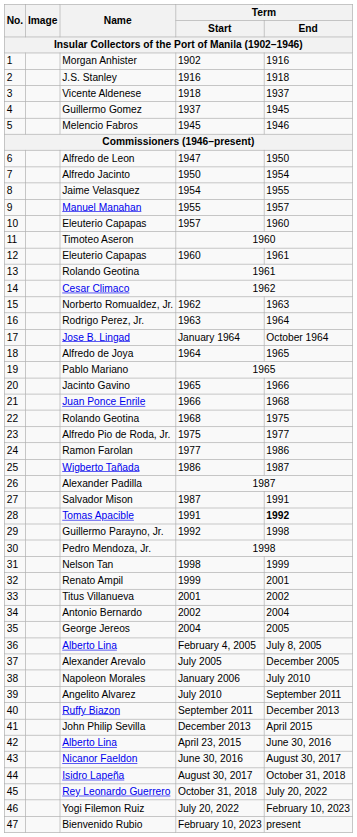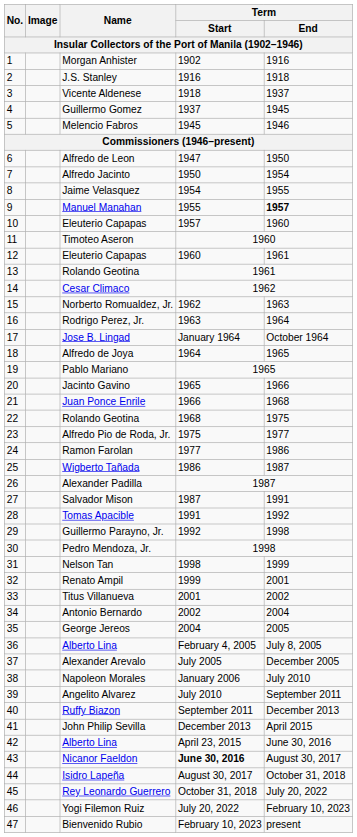 <table class="wikitable">
 <tr>
 <th rowspan=2>No.</th>
 <th rowspan=2>Image</th>
 <th rowspan=2>Name</th>
 <th colspan=2>Term</th>
 </tr>
 <tr>
 <th>Start</th>
 <th>End</th>
 </tr>
 <tr>
 <th colspan=5>Insular Collectors of the Port of Manila (1902–1946)</th>
 </tr>
 <tr>
 <td>1</td>
 <td></td>
 <td>Morgan Anhister</td>
 <td>1902</td>
 <td>1916</td>
 </tr>
 <tr>
 <td>2</td>
 <td></td>
 <td>J.S. Stanley</td>
 <td>1916</td>
 <td>1918</td>
 </tr>
 <tr>
 <td>3</td>
 <td></td>
 <td>Vicente Aldenese</td>
 <td>1918</td>
 <td>1937</td>
 </tr>
 <tr>
 <td>4</td>
 <td></td>
 <td>Guillermo Gomez</td>
 <td>1937</td>
 <td>1945</td>
 </tr>
 <tr>
 <td>5</td>
 <td></td>
 <td>Melencio Fabros</td>
 <td>1945</td>
 <td>1946</td>
 </tr>
 <tr>
 <th colspan=5>Commissioners (1946–present)</th>
 </tr>
 <tr>
 <td>6</td>
 <td></td>
 <td>Alfredo de Leon</td>
 <td>1947</td>
 <td>1950</td>
 </tr>
 <tr>
 <td>7</td>
 <td></td>
 <td>Alfredo Jacinto</td>
 <td>1950</td>
 <td>1954</td>
 </tr>
 <tr>
 <td>8</td>
 <td></td>
 <td>Jaime Velasquez</td>
 <td>1954</td>
 <td>1955</td>
 </tr>
 <tr>
 <td>9</td>
 <td></td>
 <td><a href='#'>Manuel Manahan</a></td>
 <td>1955</td>
-<td>1957</td>
+<td><strong>1957</strong></td>
 </tr>
 <tr>
 <td>10</td>
 <td></td>
 <td>Eleuterio Capapas</td>
 <td>1957</td>
 <td>1960</td>
 </tr>
 <tr>
 <td>11</td>
 <td></td>
 <td>Timoteo Aseron</td>
 <td colspan=2 align=center>1960</td>
 </tr>
 <tr>
 <td>12</td>
 <td></td>
 <td>Eleuterio Capapas</td>
 <td>1960</td>
 <td>1961</td>
 </tr>
 <tr>
 <td>13</td>
 <td></td>
 <td>Rolando Geotina</td>
 <td colspan=2 align=center>1961</td>
 </tr>
 <tr>
 <td>14</td>
 <td></td>
 <td><a href='#'>Cesar Climaco</a></td>
 <td colspan=2 align=center>1962</td>
 </tr>
 <tr>
 <td>15</td>
 <td></td>
 <td>Norberto Romualdez, Jr.</td>
 <td>1962</td>
 <td>1963</td>
 </tr>
 <tr>
 <td>16</td>
 <td></td>
 <td>Rodrigo Perez, Jr.</td>
 <td>1963</td>
 <td>1964</td>
 </tr>
 <tr>
 <td>17</td>
 <td></td>
 <td><a href='#'>Jose B. Lingad</a></td>
 <td>January 1964</td>
 <td>October 1964</td>
 </tr>
 <tr>
 <td>18</td>
 <td></td>
 <td>Alfredo de Joya</td>
 <td>1964</td>
 <td>1965</td>
 </tr>
 <tr>
 <td>19</td>
 <td></td>
 <td>Pablo Mariano</td>
 <td colspan=2 align=center>1965</td>
 </tr>
 <tr>
 <td>20</td>
 <td></td>
 <td>Jacinto Gavino</td>
 <td>1965</td>
 <td>1966</td>
 </tr>
 <tr>
 <td>21</td>
 <td></td>
 <td><a href='#'>Juan Ponce Enrile</a></td>
 <td>1966</td>
 <td>1968</td>
 </tr>
 <tr>
 <td>22</td>
 <td></td>
 <td>Rolando Geotina</td>
 <td>1968</td>
 <td>1975</td>
 </tr>
 <tr>
 <td>23</td>
 <td></td>
 <td>Alfredo Pio de Roda, Jr.</td>
 <td>1975</td>
 <td>1977</td>
 </tr>
 <tr>
 <td>24</td>
 <td></td>
 <td>Ramon Farolan</td>
 <td>1977</td>
 <td>1986</td>
 </tr>
 <tr>
 <td>25</td>
 <td></td>
 <td><a href='#'>Wigberto Tañada</a></td>
 <td>1986</td>
 <td>1987</td>
 </tr>
 <tr>
 <td>26</td>
 <td></td>
 <td>Alexander Padilla</td>
 <td colspan=2 align=center>1987</td>
 </tr>
 <tr>
 <td>27</td>
 <td></td>
 <td>Salvador Mison</td>
 <td>1987</td>
 <td>1991</td>
 </tr>
 <tr>
 <td>28</td>
 <td></td>
 <td><a href='#'>Tomas Apacible</a></td>
 <td>1991</td>
-<td><strong>1992</strong></td>
+<td>1992</td>
 </tr>
 <tr>
 <td>29</td>
 <td></td>
 <td>Guillermo Parayno, Jr.</td>
 <td>1992</td>
 <td>1998</td>
 </tr>
 <tr>
 <td>30</td>
 <td></td>
 <td>Pedro Mendoza, Jr.</td>
 <td colspan=2 align=center>1998</td>
 </tr>
 <tr>
 <td>31</td>
 <td></td>
 <td>Nelson Tan</td>
 <td>1998</td>
 <td>1999</td>
 </tr>
 <tr>
 <td>32</td>
 <td></td>
 <td>Renato Ampil</td>
 <td>1999</td>
 <td>2001</td>
 </tr>
 <tr>
 <td>33</td>
 <td></td>
 <td>Titus Villanueva</td>
 <td>2001</td>
 <td>2002</td>
 </tr>
 <tr>
 <td>34</td>
 <td></td>
 <td>Antonio Bernardo</td>
 <td>2002</td>
 <td>2004</td>
 </tr>
 <tr>
 <td>35</td>
 <td></td>
 <td>George Jereos</td>
 <td>2004</td>
 <td>2005</td>
 </tr>
 <tr>
 <td>36</td>
 <td></td>
 <td><a href='#'>Alberto Lina</a></td>
 <td>February 4, 2005</td>
 <td>July 8, 2005</td>
 </tr>
 <tr>
 <td>37</td>
 <td></td>
 <td>Alexander Arevalo</td>
 <td>July 2005</td>
 <td>December 2005</td>
 </tr>
 <tr>
 <td>38</td>
 <td></td>
 <td>Napoleon Morales</td>
 <td>January 2006</td>
 <td>July 2010</td>
 </tr>
 <tr>
 <td>39</td>
 <td></td>
 <td>Angelito Alvarez</td>
 <td>July 2010</td>
 <td>September 2011</td>
 </tr>
 <tr>
 <td>40</td>
 <td></td>
 <td><a href='#'>Ruffy Biazon</a></td>
 <td>September 2011</td>
 <td>December 2013</td>
 </tr>
 <tr>
 <td>41</td>
 <td></td>
 <td>John Philip Sevilla</td>
 <td>December 2013</td>
 <td>April 2015</td>
 </tr>
 <tr>
 <td>42</td>
 <td></td>
 <td><a href='#'>Alberto Lina</a></td>
 <td>April 23, 2015</td>
 <td>June 30, 2016</td>
 </tr>
 <tr>
 <td>43</td>
 <td></td>
 <td><a href='#'>Nicanor Faeldon</a></td>
-<td>June 30, 2016</td>
+<td><strong>June 30, 2016</strong></td>
 <td>August 30, 2017</td>
 </tr>
 <tr>
 <td>44</td>
 <td></td>
 <td><a href='#'>Isidro Lapeña</a></td>
 <td>August 30, 2017</td>
 <td>October 31, 2018</td>
 </tr>
 <tr>
 <td>45</td>
 <td></td>
 <td><a href='#'>Rey Leonardo Guerrero</a></td>
 <td>October 31, 2018</td>
 <td>July 20, 2022</td>
 </tr>
 <tr>
 <td>46</td>
 <td></td>
 <td>Yogi Filemon Ruiz</td>
 <td>July 20, 2022</td>
 <td>February 10, 2023</td>
 </tr>
 <tr>
 <td>47</td>
 <td></td>
 <td>Bienvenido Rubio</td>
 <td>February 10, 2023</td>
 <td>present</td>
 </tr>
 </table>
